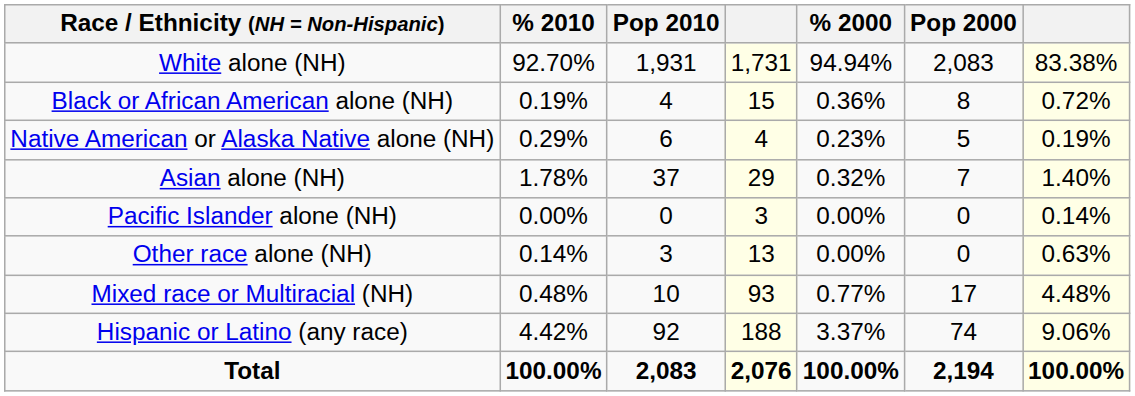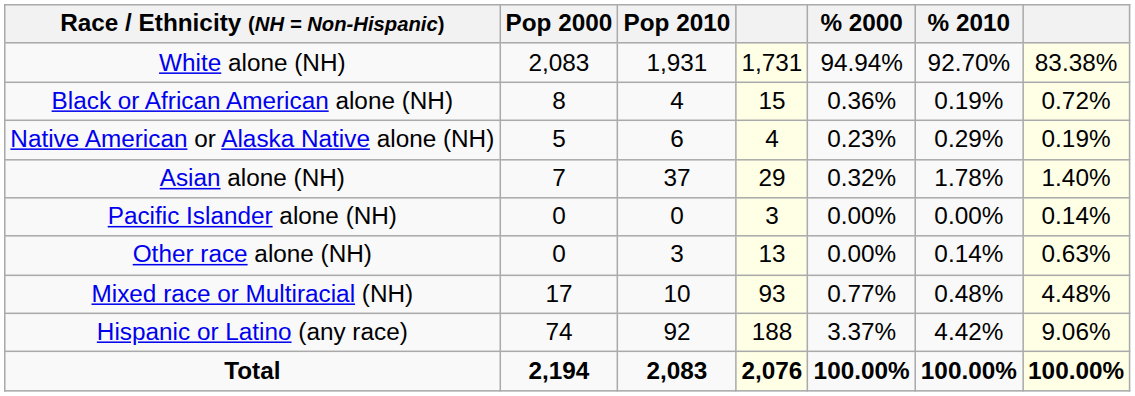 <table class="wikitable" style="text-align:center;">
 <tr>
 <th>Race / Ethnicity <small>(<em>NH = Non-Hispanic</em>)</small></th>
-<th>% 2010</th>
+<th>Pop 2000</th>
 <th>Pop 2010</th>
 <th></th>
 <th>% 2000</th>
-<th>Pop 2000</th>
+<th>% 2010</th>
 <th></th>
 </tr>
 <tr>
 <td><a href='#'>White</a> alone (NH)</td>
-<td>92.70%</td>
+<td>2,083</td>
 <td>1,931</td>
 <td style='background: #ffffe6;'>1,731</td>
 <td>94.94%</td>
-<td>2,083</td>
+<td>92.70%</td>
 <td style='background: #ffffe6;'>83.38%</td>
 </tr>
 <tr>
 <td><a href='#'>Black or African American</a> alone (NH)</td>
-<td>0.19%</td>
+<td>8</td>
 <td>4</td>
 <td style='background: #ffffe6;'>15</td>
 <td>0.36%</td>
-<td>8</td>
+<td>0.19%</td>
 <td style='background: #ffffe6;'>0.72%</td>
 </tr>
 <tr>
 <td><a href='#'>Native American</a> or <a href='#'>Alaska Native</a> alone (NH)</td>
-<td>0.29%</td>
+<td>5</td>
 <td>6</td>
 <td style='background: #ffffe6;'>4</td>
 <td>0.23%</td>
-<td>5</td>
+<td>0.29%</td>
 <td style='background: #ffffe6;'>0.19%</td>
 </tr>
 <tr>
 <td><a href='#'>Asian</a> alone (NH)</td>
-<td>1.78%</td>
+<td>7</td>
 <td>37</td>
 <td style='background: #ffffe6;'>29</td>
 <td>0.32%</td>
-<td>7</td>
+<td>1.78%</td>
 <td style='background: #ffffe6;'>1.40%</td>
 </tr>
 <tr>
 <td><a href='#'>Pacific Islander</a> alone (NH)</td>
-<td>0.00%</td>
+<td>0</td>
 <td>0</td>
 <td style='background: #ffffe6;'>3</td>
 <td>0.00%</td>
-<td>0</td>
+<td>0.00%</td>
 <td style='background: #ffffe6;'>0.14%</td>
 </tr>
 <tr>
 <td><a href='#'>Other race</a> alone (NH)</td>
-<td>0.14%</td>
+<td>0</td>
 <td>3</td>
 <td style='background: #ffffe6;'>13</td>
 <td>0.00%</td>
-<td>0</td>
+<td>0.14%</td>
 <td style='background: #ffffe6;'>0.63%</td>
 </tr>
 <tr>
 <td><a href='#'>Mixed race or Multiracial</a> (NH)</td>
-<td>0.48%</td>
+<td>17</td>
 <td>10</td>
 <td style='background: #ffffe6;'>93</td>
 <td>0.77%</td>
-<td>17</td>
+<td>0.48%</td>
 <td style='background: #ffffe6;'>4.48%</td>
 </tr>
 <tr>
 <td><a href='#'>Hispanic or Latino</a> (any race)</td>
-<td>4.42%</td>
+<td>74</td>
 <td>92</td>
 <td style='background: #ffffe6;'>188</td>
 <td>3.37%</td>
-<td>74</td>
+<td>4.42%</td>
 <td style='background: #ffffe6;'>9.06%</td>
 </tr>
 <tr>
 <td><strong>Total</strong></td>
-<td><strong>100.00%</strong></td>
+<td><strong>2,194</strong></td>
 <td><strong>2,083</strong></td>
 <td style='background: #ffffe6;'><strong>2,076</strong></td>
 <td><strong>100.00%</strong></td>
-<td><strong>2,194</strong></td>
+<td><strong>100.00%</strong></td>
 <td style='background: #ffffe6;'><strong>100.00%</strong></td>
 </tr>
 </table>
